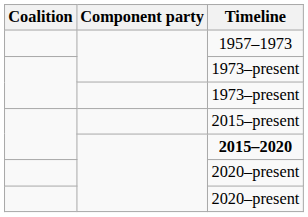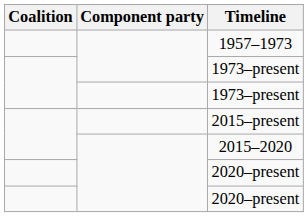 <table class="wikitable">
 <tr>
 <th>Coalition</th>
 <th>Component party</th>
 <th>Timeline</th>
 </tr>
 <tr>
 <td></td>
 <td rowspan=2></td>
 <td align=center>1957–1973</td>
 </tr>
 <tr>
 <td rowspan=2></td>
 <td align=center>1973–present</td>
 </tr>
 <tr>
 <td></td>
 <td align=center>1973–present</td>
 </tr>
 <tr>
 <td rowspan=2></td>
 <td></td>
 <td align=center>2015–present</td>
 </tr>
 <tr>
 <td rowspan=3></td>
-<td align=center><strong>2015–2020</strong></td>
+<td align=center>2015–2020</td>
 </tr>
 <tr>
 <td></td>
 <td align=center>2020–present</td>
 </tr>
 <tr>
 <td></td>
 <td align=center>2020–present</td>
 </tr>
 </table>
